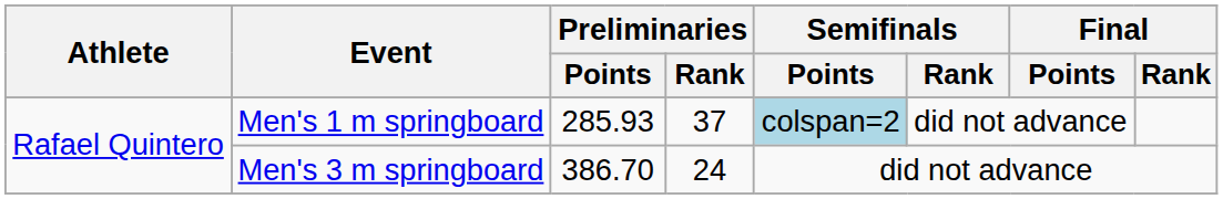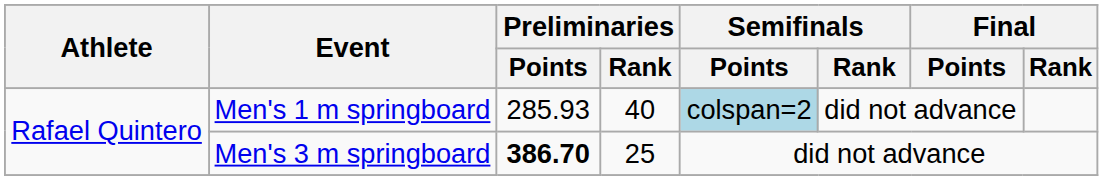 <table class=wikitable style="font-size:90%;">
 <tr>
 <th rowspan="2">Athlete</th>
 <th rowspan="2">Event</th>
 <th colspan="2">Preliminaries</th>
 <th colspan="2">Semifinals</th>
 <th colspan="2">Final</th>
 </tr>
 <tr style="font-size:95%">
 <th>Points</th>
 <th>Rank</th>
 <th>Points</th>
 <th>Rank</th>
 <th>Points</th>
 <th>Rank</th>
 </tr>
 <tr align=center>
 <td align=left rowspan=2><a href='#'>Rafael Quintero</a></td>
 <td align=left><a href='#'>Men's 1 m springboard</a></td>
 <td>285.93</td>
-<td>37</td>
+<td>40</td>
 <td style="background: lightblue;">colspan=2 </td>
 <td colspan=2>did not advance</td>
 </tr>
 <tr align=center>
 <td align=left><a href='#'>Men's 3 m springboard</a></td>
-<td>386.70</td>
-<td>24</td>
+<td><strong>386.70</strong></td>
+<td>25</td>
 <td colspan=4>did not advance</td>
 </tr>
 </table>
